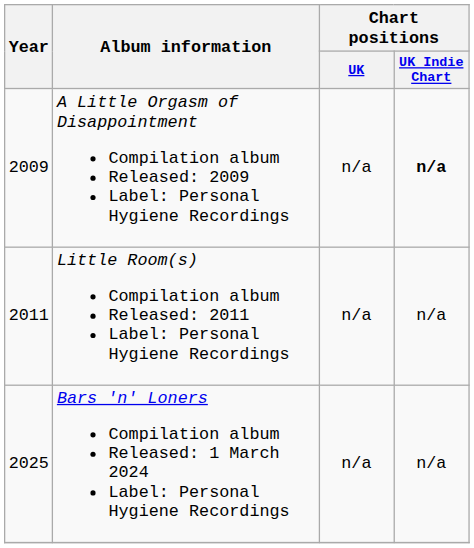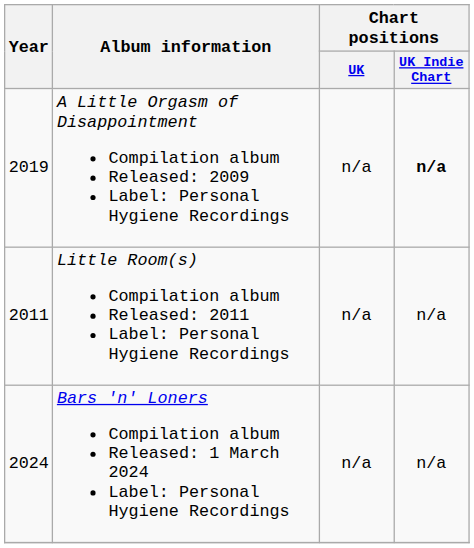 <table class="wikitable">
 <tr>
 <th rowspan="2">Year</th>
 <th rowspan="2" style="width:200px;">Album information</th>
 <th colspan="5" style="width:110px;">Chart positions</th>
 </tr>
 <tr>
 <th style="width:4em;font-size:80%"><a href='#'>UK</a></th>
 <th style="width:4em;font-size:80%"><a href='#'>UK Indie Chart</a></th>
 </tr>
 <tr>
-<td>2009</td>
+<td>2019</td>
 <td><em>A Little Orgasm of Disappointment</em><br><ul><li>Compilation album</li><li>Released: 2009</li><li>Label: Personal Hygiene Recordings</li></ul></td>
 <td style="text-align:center;">n/a</td>
 <td style="text-align:center;"><strong>n/a</strong></td>
 </tr>
 <tr>
 <td>2011</td>
 <td><em>Little Room(s)</em><br><ul><li>Compilation album</li><li>Released: 2011</li><li>Label: Personal Hygiene Recordings</li></ul></td>
 <td style="text-align:center;">n/a</td>
 <td style="text-align:center;">n/a</td>
 </tr>
 <tr>
-<td>2025</td>
+<td>2024</td>
 <td><em><a href='#'>Bars 'n' Loners</a></em><br><ul><li>Compilation album</li><li>Released: 1 March 2024</li><li>Label: Personal Hygiene Recordings</li></ul></td>
 <td style="text-align:center;">n/a</td>
 <td style="text-align:center;">n/a</td>
 </tr>
 <tr style="background:#fcfcfc;">
 </tr>
 </table>
